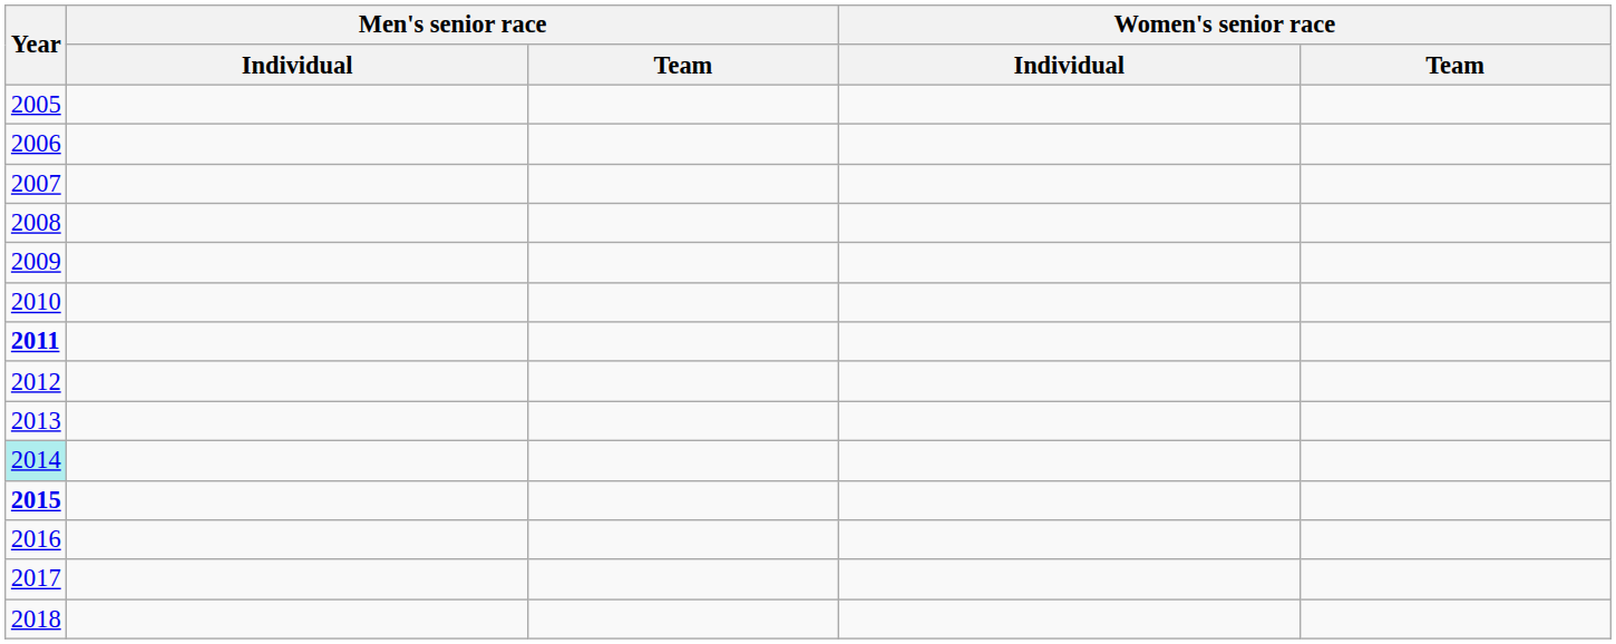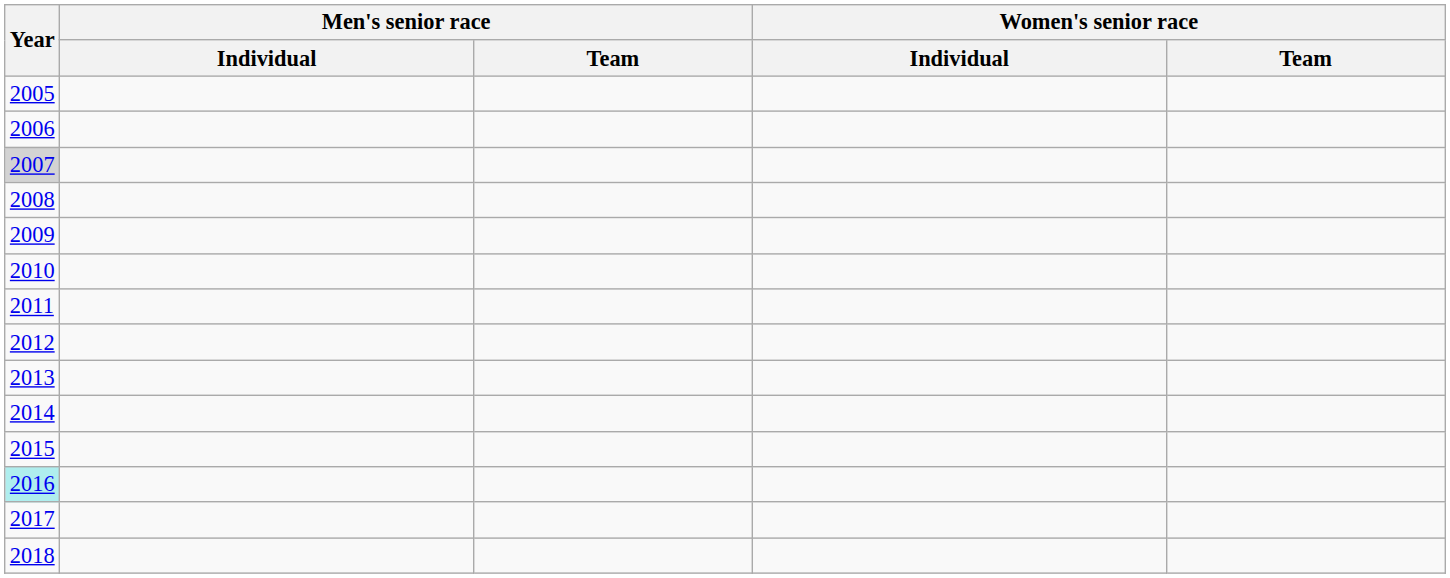 <table class="wikitable">
 <tr>
 <th rowspan=2>Year</th>
 <th colspan=2>Men's senior race</th>
 <th colspan=2>Women's senior race</th>
 </tr>
 <tr>
 <th style="width: 18em">Individual</th>
 <th style="width: 12em">Team</th>
 <th style="width: 18em">Individual</th>
 <th style="width: 12em">Team</th>
 </tr>
 <tr>
 <td><a href='#'>2005</a></td>
 <td></td>
 <td></td>
 <td></td>
 <td></td>
 </tr>
 <tr>
 <td><a href='#'>2006</a></td>
 <td></td>
 <td></td>
 <td></td>
 <td></td>
 </tr>
 <tr>
-<td><a href='#'>2007</a></td>
+<td style="background: lightgrey;"><a href='#'>2007</a></td>
 <td></td>
 <td></td>
 <td></td>
 <td></td>
 </tr>
 <tr>
 <td><a href='#'>2008</a></td>
 <td></td>
 <td></td>
 <td></td>
 <td></td>
 </tr>
 <tr>
 <td><a href='#'>2009</a></td>
 <td></td>
 <td></td>
 <td></td>
 <td></td>
 </tr>
 <tr>
 <td><a href='#'>2010</a></td>
 <td></td>
 <td></td>
 <td></td>
 <td></td>
 </tr>
 <tr>
-<td><strong><a href='#'>2011</a></strong></td>
+<td><a href='#'>2011</a></td>
 <td></td>
 <td></td>
 <td></td>
 <td></td>
 </tr>
 <tr>
 <td><a href='#'>2012</a></td>
 <td></td>
 <td></td>
 <td></td>
 <td></td>
 </tr>
 <tr>
 <td><a href='#'>2013</a></td>
 <td></td>
 <td></td>
 <td></td>
 <td></td>
 </tr>
 <tr>
-<td style="background: paleturquoise;"><a href='#'>2014</a></td>
+<td><a href='#'>2014</a></td>
 <td></td>
 <td></td>
 <td></td>
 <td></td>
 </tr>
 <tr>
-<td><strong><a href='#'>2015</a></strong></td>
+<td><a href='#'>2015</a></td>
 <td></td>
 <td></td>
 <td></td>
 <td></td>
 </tr>
 <tr>
-<td><a href='#'>2016</a></td>
+<td style="background: paleturquoise;"><a href='#'>2016</a></td>
 <td></td>
 <td></td>
 <td></td>
 <td></td>
 </tr>
 <tr>
 <td><a href='#'>2017</a></td>
 <td></td>
 <td></td>
 <td></td>
 <td></td>
 </tr>
 <tr>
 <td><a href='#'>2018</a></td>
 <td></td>
 <td></td>
 <td></td>
 <td></td>
 </tr>
 </table>
